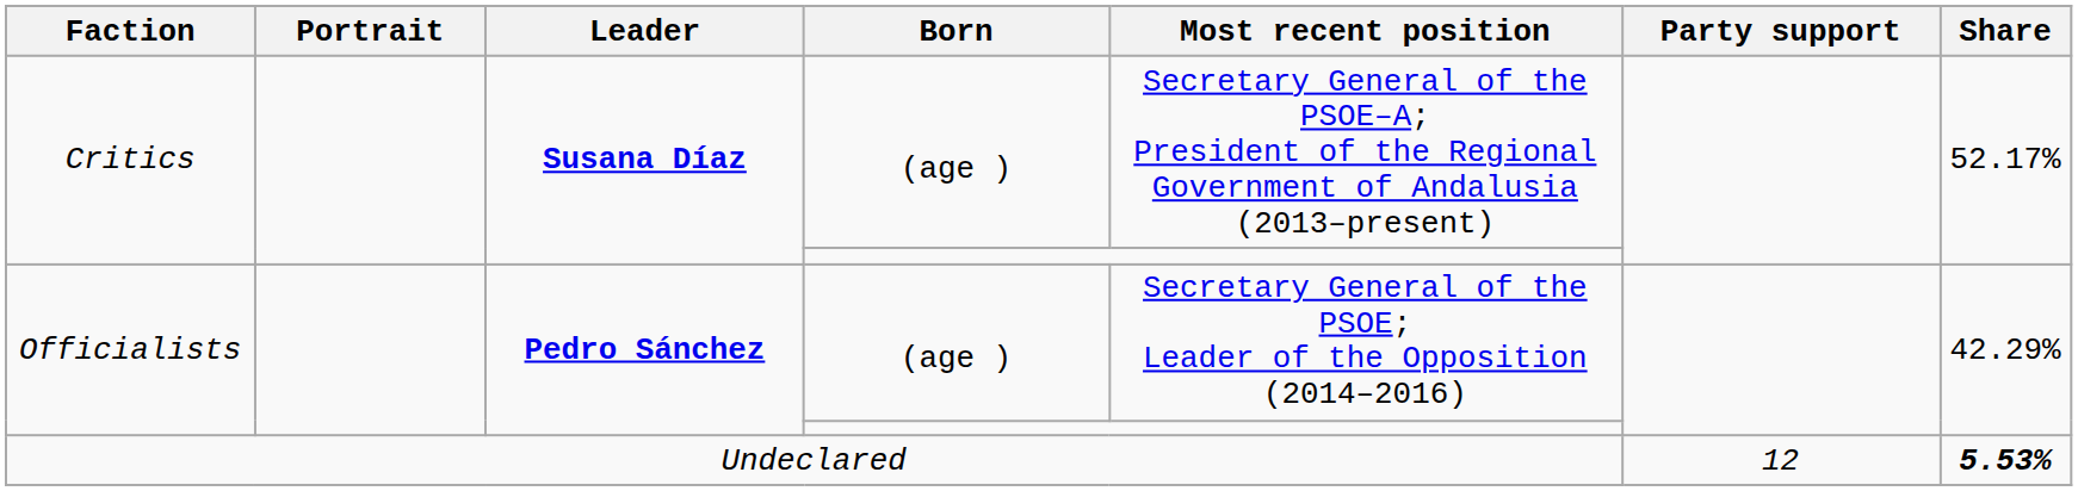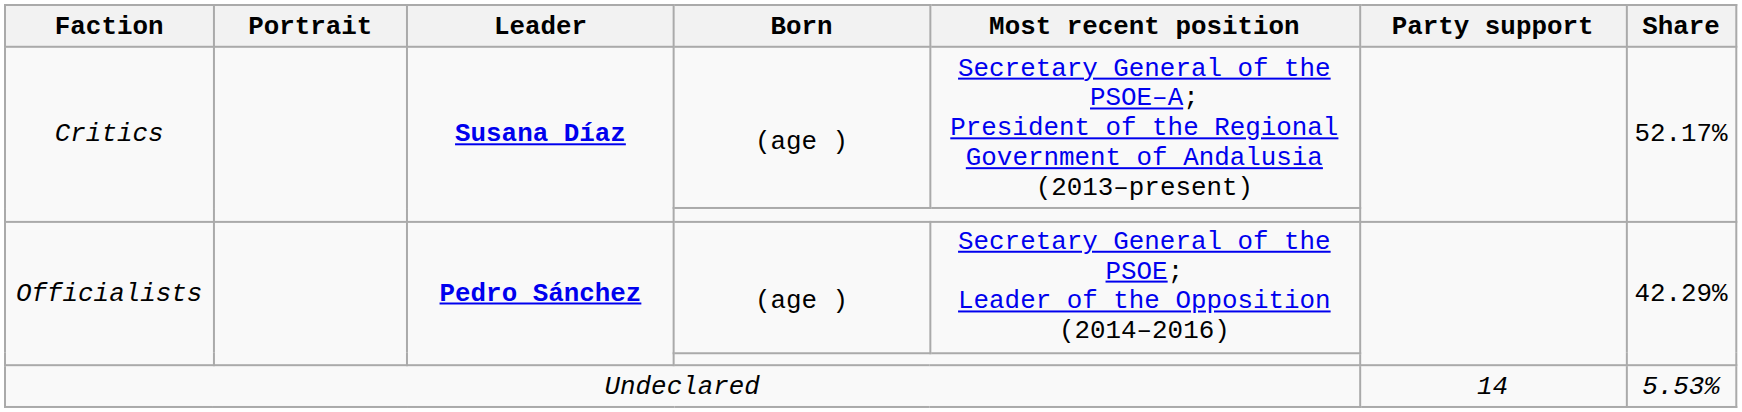 <table class ="wikitable">
 <tr>
 <th width="100">Faction</th>
 <th width="100">Portrait</th>
 <th width="150">Leader</th>
 <th width="150">Born</th>
 <th width="250">Most recent position</th>
 <th width="150">Party support<br></th>
 <th width="50">Share</th>
 </tr>
 <tr style="text-align: center;"|>
 <td rowspan="2"><em>Critics</em></td>
 <td rowspan="2"></td>
 <td rowspan="2"><strong><a href='#'>Susana Díaz</a></strong></td>
 <td><br>(age )</td>
 <td><a href='#'>Secretary General of the PSOE–A</a>;<br><a href='#'>President of the Regional Government of Andalusia</a><br>(2013–present)</td>
 <td rowspan="2" style="text-align: center;"></td>
 <td rowspan="2" style="text-align: center;">52.17%</td>
 </tr>
 <tr>
 <td colspan="2"></td>
 </tr>
 <tr style="text-align: center;"|>
 <td rowspan="2"><em>Officialists</em></td>
 <td rowspan="2"></td>
 <td rowspan="2"><strong><a href='#'>Pedro Sánchez</a></strong></td>
 <td><br>(age )</td>
 <td><a href='#'>Secretary General of the PSOE</a>;<br><a href='#'>Leader of the Opposition</a><br>(2014–2016)</td>
 <td rowspan="2" style="text-align: center;"></td>
 <td rowspan="2" style="text-align: center;">42.29%</td>
 </tr>
 <tr>
 <td colspan="2"></td>
 </tr>
 <tr style="background-color: ">
 <td colspan="5" style="text-align: center;"><em>Undeclared</em></td>
-<td style="text-align: center;"><em>12</em></td>
-<td style="text-align: center;"><strong><em>5.53%</em></strong></td>
+<td style="text-align: center;"><em>14</em></td>
+<td style="text-align: center;"><em>5.53%</em></td>
 </tr>
 </table>
